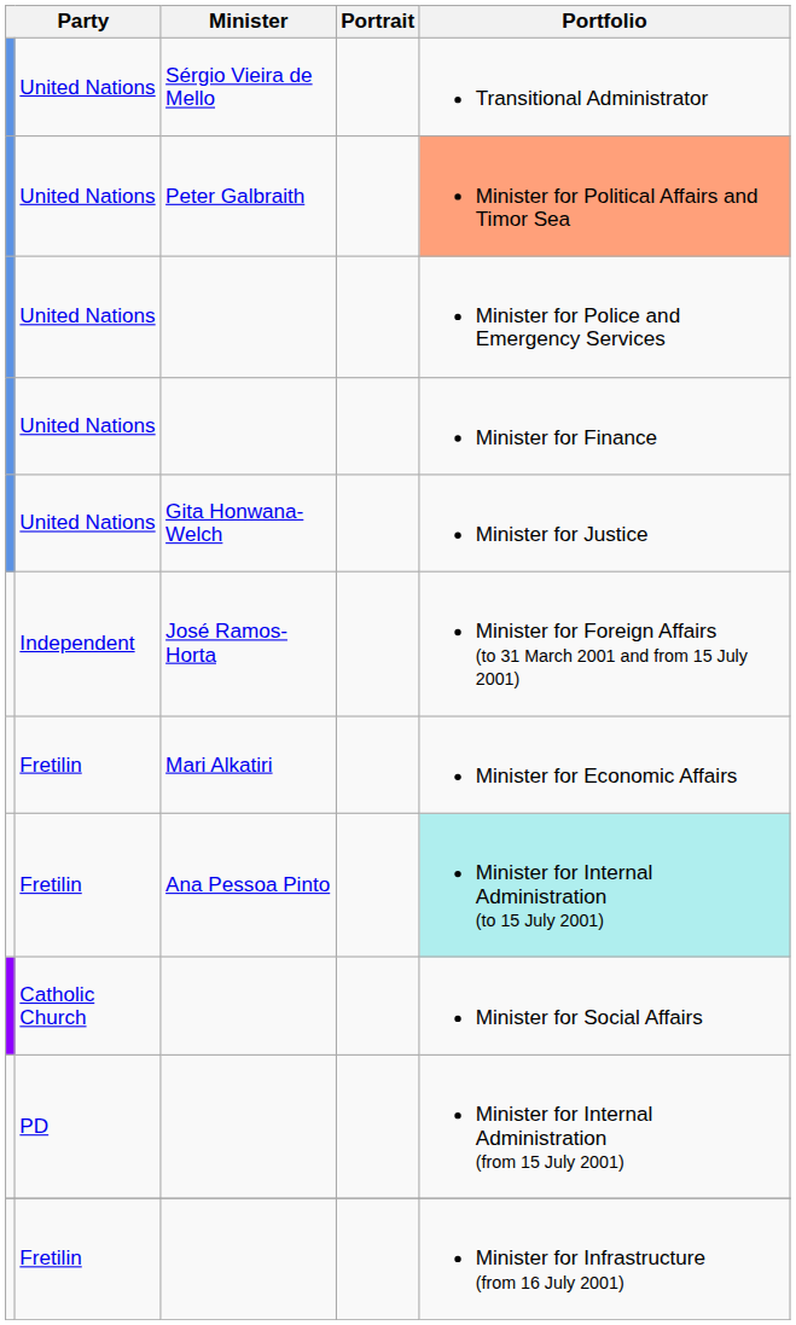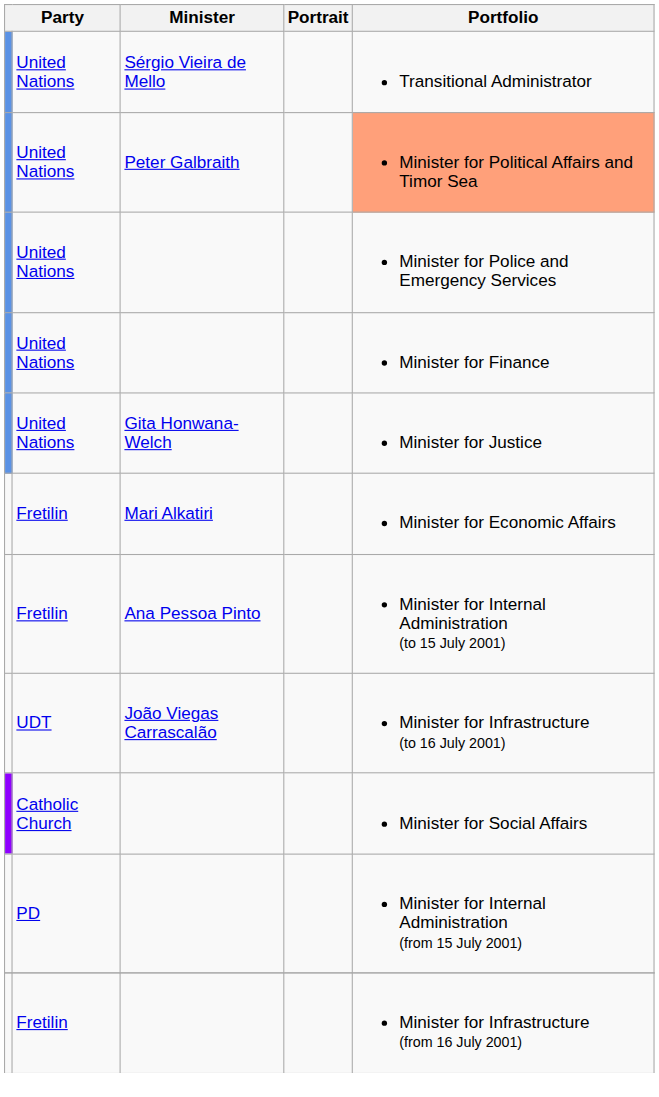 <table class="wikitable sortable">
 <tr>
 <th colspan="2">Party</th>
 <th>Minister</th>
 <th>Portrait</th>
 <th>Portfolio</th>
 </tr>
 <tr>
 <td style="background:#5b92e5"></td>
 <td><a href='#'>United Nations</a></td>
 <td><a href='#'>Sérgio Vieira de Mello</a></td>
 <td></td>
 <td><br><ul><li>Transitional Administrator</li></ul></td>
 </tr>
 <tr>
 <td style="background:#5b92e5"></td>
 <td><a href='#'>United Nations</a></td>
 <td><a href='#'>Peter Galbraith</a></td>
 <td></td>
 <td style="background: lightsalmon;"><br><ul><li>Minister for Political Affairs and Timor Sea</li></ul></td>
 </tr>
 <tr>
 <td style="background:#5b92e5"></td>
 <td><a href='#'>United Nations</a></td>
 <td></td>
 <td></td>
 <td><br><ul><li>Minister for Police and Emergency Services</li></ul></td>
 </tr>
 <tr>
 <td style="background:#5b92e5"></td>
 <td><a href='#'>United Nations</a></td>
 <td></td>
 <td></td>
 <td><br><ul><li>Minister for Finance</li></ul></td>
 </tr>
 <tr>
 <td style="background:#5b92e5"></td>
 <td><a href='#'>United Nations</a></td>
 <td><a href='#'>Gita Honwana-Welch</a></td>
 <td></td>
 <td><br><ul><li>Minister for Justice</li></ul></td>
 </tr>
 <tr>
 <td style="background:"></td>
-<td><a href='#'>Independent</a></td>
-<td><a href='#'>José Ramos-Horta</a></td>
-<td></td>
-<td><br><ul><li>Minister for Foreign Affairs<br><small>(to 31 March 2001 and from 15 July 2001)</small></li></ul></td>
-</tr>
-<tr>
-<td style="background:"></td>
 <td><a href='#'>Fretilin</a></td>
 <td><a href='#'>Mari Alkatiri</a></td>
 <td></td>
 <td><br><ul><li>Minister for Economic Affairs</li></ul></td>
 </tr>
 <tr>
 <td style="background:"></td>
 <td><a href='#'>Fretilin</a></td>
 <td><a href='#'>Ana Pessoa Pinto</a></td>
 <td></td>
-<td style="background: paleturquoise;"><br><ul><li>Minister for Internal Administration<br><small>(to 15 July 2001)</small></li></ul></td>
+<td><br><ul><li>Minister for Internal Administration<br><small>(to 15 July 2001)</small></li></ul></td>
+</tr>
+<tr>
+<td style="background:"></td>
+<td><a href='#'>UDT</a></td>
+<td><a href='#'>João Viegas Carrascalão</a></td>
+<td></td>
+<td><br><ul><li>Minister for Infrastructure<br><small>(to 16 July 2001)</small></li></ul></td>
 </tr>
 <tr>
 <td style="background:#8F00FF"></td>
 <td><a href='#'>Catholic Church</a></td>
 <td></td>
 <td></td>
 <td><br><ul><li>Minister for Social Affairs</li></ul></td>
 </tr>
 <tr>
 <td style="background:"></td>
 <td><a href='#'>PD</a></td>
 <td></td>
 <td></td>
 <td><br><ul><li>Minister for Internal Administration<br><small>(from 15 July 2001)</small></li></ul></td>
 </tr>
 <tr>
 </tr>
 <tr>
 <td style="background:"></td>
 <td><a href='#'>Fretilin</a></td>
 <td></td>
 <td></td>
 <td><br><ul><li>Minister for Infrastructure<br><small>(from 16 July 2001)</small></li></ul></td>
 </tr>
 </table>
